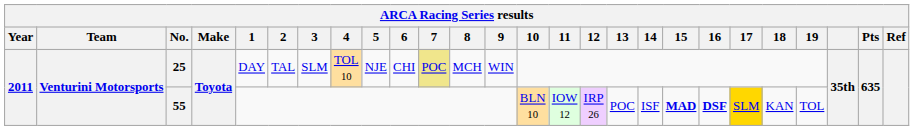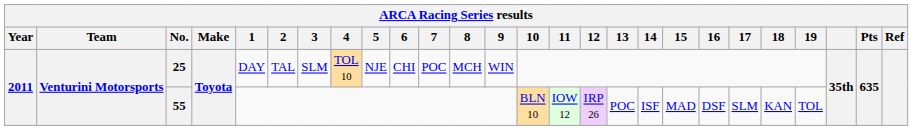 <table class="wikitable" style="text-align:center; font-size:75%">
 <tr>
 <th colspan=45><a href='#'>ARCA Racing Series</a> results</th>
 </tr>
 <tr>
 <th>Year</th>
 <th>Team</th>
 <th>No.</th>
 <th>Make</th>
 <th>1</th>
 <th>2</th>
 <th>3</th>
 <th>4</th>
 <th>5</th>
 <th>6</th>
 <th>7</th>
 <th>8</th>
 <th>9</th>
 <th>10</th>
 <th>11</th>
 <th>12</th>
 <th>13</th>
 <th>14</th>
 <th>15</th>
 <th>16</th>
 <th>17</th>
 <th>18</th>
 <th>19</th>
 <th></th>
 <th>Pts</th>
 <th>Ref</th>
 </tr>
 <tr>
 <th rowspan=2><a href='#'>2011</a></th>
 <th rowspan=2><a href='#'>Venturini Motorsports</a></th>
 <th>25</th>
 <th rowspan=2><a href='#'>Toyota</a></th>
 <td><a href='#'>DAY</a></td>
 <td><a href='#'>TAL</a></td>
 <td><a href='#'>SLM</a></td>
 <td style="background:#FFDF9F;"><a href='#'>TOL</a><br><small>10</small></td>
 <td><a href='#'>NJE</a></td>
 <td><a href='#'>CHI</a></td>
-<td style="background: khaki;"><a href='#'>POC</a></td>
+<td><a href='#'>POC</a></td>
 <td><a href='#'>MCH</a></td>
 <td><a href='#'>WIN</a></td>
 <td colspan=10></td>
 <th rowspan=2>35th</th>
 <th rowspan=2>635</th>
 <th rowspan=2></th>
 </tr>
 <tr>
 <th>55</th>
 <td colspan=9></td>
 <td style="background:#FFDF9F;"><a href='#'>BLN</a><br><small>10</small></td>
 <td style="background:#DFFFDF;"><a href='#'>IOW</a><br><small>12</small></td>
 <td style="background:#EFCFFF;"><a href='#'>IRP</a><br><small>26</small></td>
 <td><a href='#'>POC</a></td>
 <td><a href='#'>ISF</a></td>
-<td><strong><a href='#'>MAD</a></strong></td>
-<td><strong><a href='#'>DSF</a></strong></td>
-<td style="background: gold;"><a href='#'>SLM</a></td>
+<td><a href='#'>MAD</a></td>
+<td><a href='#'>DSF</a></td>
+<td><a href='#'>SLM</a></td>
 <td><a href='#'>KAN</a></td>
 <td><a href='#'>TOL</a></td>
 </tr>
 </table>
